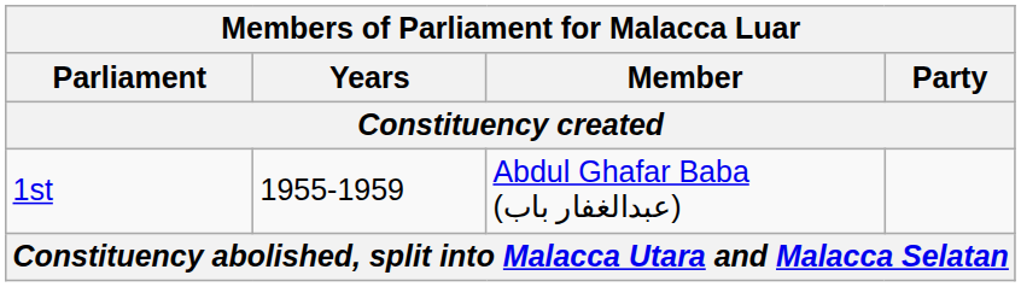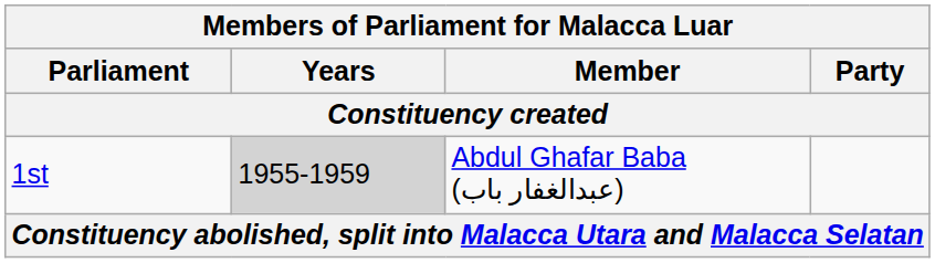 <table class="wikitable">
 <tr>
 <th colspan="4">Members of Parliament for Malacca Luar</th>
 </tr>
 <tr>
 <th>Parliament</th>
 <th>Years</th>
 <th>Member</th>
 <th>Party</th>
 </tr>
 <tr>
 <th colspan="4"><em>Constituency created</em></th>
 </tr>
 <tr>
 <td><a href='#'>1st</a></td>
-<td>1955-1959</td>
+<td style="background: lightgrey;">1955-1959</td>
 <td><a href='#'>Abdul Ghafar Baba</a>  <br>(عبدالغفار باب‎)</td>
 <td></td>
 </tr>
 <tr>
 <th colspan="4"><em>Constituency abolished, split into <a href='#'>Malacca Utara</a>  and <a href='#'>Malacca Selatan</a></em></th>
 </tr>
 </table>
